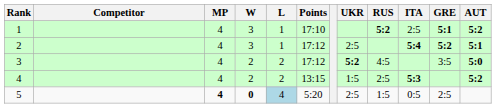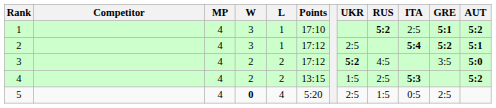 <table class="wikitable" style="text-align:center">
 <tr>
 <th>Rank</th>
 <th style="width:16em">Competitor</th>
 <th style="width:2.5em">MP</th>
 <th style="width:2.5em">W</th>
 <th style="width:2.5em">L</th>
 <th>Points</th>
 <th rowspan="6"> </th>
 <th style="width:2.5em">UKR</th>
 <th style="width:2.5em">RUS</th>
 <th style="width:2.5em">ITA</th>
 <th style="width:2.5em">GRE</th>
 <th style="width:2.5em">AUT</th>
 </tr>
 <tr style="background:#cfc;">
 <td>1</td>
 <td style="text-align:left"></td>
 <td>4</td>
 <td>3</td>
 <td>1</td>
 <td>17:10</td>
 <td></td>
 <td><strong>5:2</strong></td>
 <td>2:5</td>
 <td><strong>5:1</strong></td>
 <td><strong>5:2</strong></td>
 </tr>
 <tr style="background:#cfc;">
 <td>2</td>
 <td style="text-align:left"></td>
 <td>4</td>
 <td>3</td>
 <td>1</td>
 <td>17:12</td>
 <td>2:5</td>
 <td></td>
 <td><strong>5:4</strong></td>
 <td><strong>5:2</strong></td>
 <td><strong>5:1</strong></td>
 </tr>
 <tr style="background:#cfc;">
 <td>3</td>
 <td style="text-align:left"></td>
 <td>4</td>
 <td>2</td>
 <td>2</td>
 <td>17:12</td>
 <td><strong>5:2</strong></td>
 <td>4:5</td>
 <td></td>
 <td>3:5</td>
 <td><strong>5:0</strong></td>
 </tr>
 <tr style="background:#cfc;">
 <td>4</td>
 <td style="text-align:left"></td>
 <td>4</td>
 <td>2</td>
 <td>2</td>
 <td>13:15</td>
 <td>1:5</td>
 <td>2:5</td>
 <td><strong>5:3</strong></td>
 <td></td>
 <td><strong>5:2</strong></td>
 </tr>
 <tr>
 <td>5</td>
 <td style="text-align:left"></td>
-<td><strong>4</strong></td>
+<td>4</td>
 <td><strong>0</strong></td>
-<td style="background: lightblue;">4</td>
+<td>4</td>
 <td>5:20</td>
 <td>2:5</td>
 <td>1:5</td>
 <td>0:5</td>
 <td>2:5</td>
 <td></td>
 </tr>
 </table>
